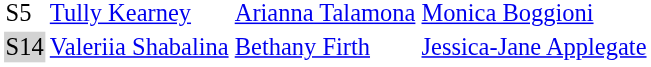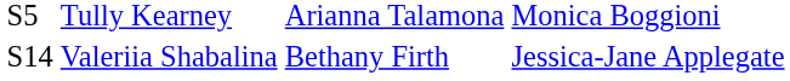 <table>
 <tr>
 <td>S5</td>
 <td><a href='#'>Tully Kearney</a><br></td>
 <td><a href='#'>Arianna Talamona</a><br></td>
 <td><a href='#'>Monica Boggioni</a><br></td>
 </tr>
 <tr>
-<td style="background: lightgrey;">S14</td>
+<td>S14</td>
 <td><a href='#'>Valeriia Shabalina</a><br></td>
 <td><a href='#'>Bethany Firth</a><br></td>
 <td><a href='#'>Jessica-Jane Applegate</a><br></td>
 </tr>
 </table>
